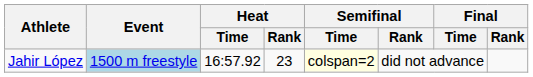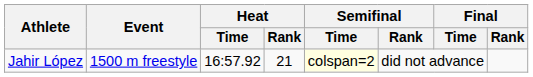 <table class="wikitable" style="text-align:center; font-size:90%">
 <tr>
 <th rowspan="2">Athlete</th>
 <th rowspan="2">Event</th>
 <th colspan="2">Heat</th>
 <th colspan="2">Semifinal</th>
 <th colspan="2">Final</th>
 </tr>
 <tr style="font-size:95%">
 <th>Time</th>
 <th>Rank</th>
 <th>Time</th>
 <th>Rank</th>
 <th>Time</th>
 <th>Rank</th>
 </tr>
 <tr>
 <td align=left><a href='#'>Jahir López</a></td>
-<td align=left style="background: lightblue;"><a href='#'>1500 m freestyle</a></td>
+<td align=left><a href='#'>1500 m freestyle</a></td>
 <td>16:57.92</td>
-<td>23</td>
+<td>21</td>
 <td style="background: lightyellow;">colspan=2 </td>
 <td colspan=2>did not advance</td>
 </tr>
 </table>
